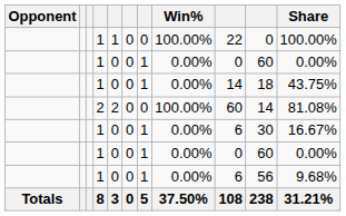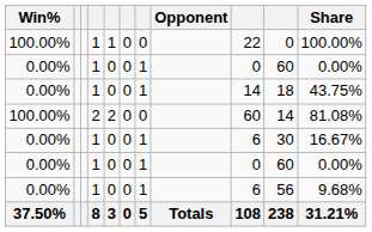 <table class="wikitable sortable" style="text-align:right;">
 <tr>
-<th>Opponent</th>
+<th>Win%</th>
 <th></th>
 <th></th>
 <th></th>
 <th></th>
 <th></th>
 <th></th>
-<th>Win%</th>
+<th>Opponent</th>
 <th></th>
 <th></th>
 <th>Share</th>
 </tr>
 <tr>
-<td align=left></td>
+<td>100.00%</td>
 <td></td>
 <td></td>
 <td>1</td>
 <td>1</td>
 <td>0</td>
 <td>0</td>
-<td>100.00%</td>
+<td align=left></td>
 <td>22</td>
 <td>0</td>
 <td>100.00%</td>
 </tr>
 <tr>
-<td align=left></td>
+<td>0.00%</td>
 <td></td>
 <td></td>
 <td>1</td>
 <td>0</td>
 <td>0</td>
 <td>1</td>
-<td>0.00%</td>
+<td align=left></td>
 <td>0</td>
 <td>60</td>
 <td>0.00%</td>
 </tr>
 <tr>
-<td align=left></td>
+<td>0.00%</td>
 <td></td>
 <td></td>
 <td>1</td>
 <td>0</td>
 <td>0</td>
 <td>1</td>
-<td>0.00%</td>
+<td align=left></td>
 <td>14</td>
 <td>18</td>
 <td>43.75%</td>
 </tr>
 <tr>
-<td align=left></td>
+<td>100.00%</td>
 <td></td>
 <td></td>
 <td>2</td>
 <td>2</td>
 <td>0</td>
 <td>0</td>
-<td>100.00%</td>
+<td align=left></td>
 <td>60</td>
 <td>14</td>
 <td>81.08%</td>
 </tr>
 <tr>
-<td align=left></td>
+<td>0.00%</td>
 <td></td>
 <td></td>
 <td>1</td>
 <td>0</td>
 <td>0</td>
 <td>1</td>
-<td>0.00%</td>
+<td align=left></td>
 <td>6</td>
 <td>30</td>
 <td>16.67%</td>
 </tr>
 <tr>
-<td align=left></td>
+<td>0.00%</td>
 <td></td>
 <td></td>
 <td>1</td>
 <td>0</td>
 <td>0</td>
 <td>1</td>
-<td>0.00%</td>
+<td align=left></td>
 <td>0</td>
 <td>60</td>
 <td>0.00%</td>
 </tr>
 <tr>
-<td align=left></td>
+<td>0.00%</td>
 <td></td>
 <td></td>
 <td>1</td>
 <td>0</td>
 <td>0</td>
 <td>1</td>
-<td>0.00%</td>
+<td align=left></td>
 <td>6</td>
 <td>56</td>
 <td>9.68%</td>
 </tr>
 <tr>
-<th>Totals</th>
+<th>37.50%</th>
 <th></th>
 <th></th>
 <th>8</th>
 <th>3</th>
 <th>0</th>
 <th>5</th>
-<th>37.50%</th>
+<th>Totals</th>
 <th>108</th>
 <th>238</th>
 <th>31.21%</th>
 </tr>
 </table>
